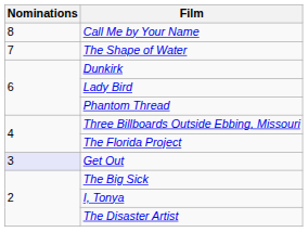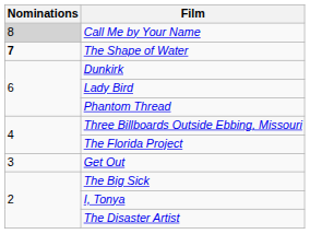 <table class="wikitable">
 <tr>
 <th>Nominations</th>
 <th>Film</th>
 </tr>
 <tr>
-<td>8</td>
+<td style="background: lightgrey;">8</td>
 <td><em><a href='#'>Call Me by Your Name</a></em></td>
 </tr>
 <tr>
-<td>7</td>
+<td><strong>7</strong></td>
 <td><em><a href='#'>The Shape of Water</a></em></td>
 </tr>
 <tr>
 <td rowspan="3">6</td>
 <td><em><a href='#'>Dunkirk</a></em></td>
 </tr>
 <tr>
 <td><em><a href='#'>Lady Bird</a></em></td>
 </tr>
 <tr>
 <td><em><a href='#'>Phantom Thread</a></em></td>
 </tr>
 <tr>
 <td rowspan="2">4</td>
 <td><em><a href='#'>Three Billboards Outside Ebbing, Missouri</a></em></td>
 </tr>
 <tr>
 <td><em><a href='#'>The Florida Project</a></em></td>
 </tr>
 <tr>
-<td style="background: lavender;">3</td>
+<td>3</td>
 <td><em><a href='#'>Get Out</a></em></td>
 </tr>
 <tr>
 <td rowspan="3">2</td>
 <td><em><a href='#'>The Big Sick</a></em></td>
 </tr>
 <tr>
 <td><em><a href='#'>I, Tonya</a></em></td>
 </tr>
 <tr>
 <td><em><a href='#'>The Disaster Artist</a></em></td>
 </tr>
 </table>
